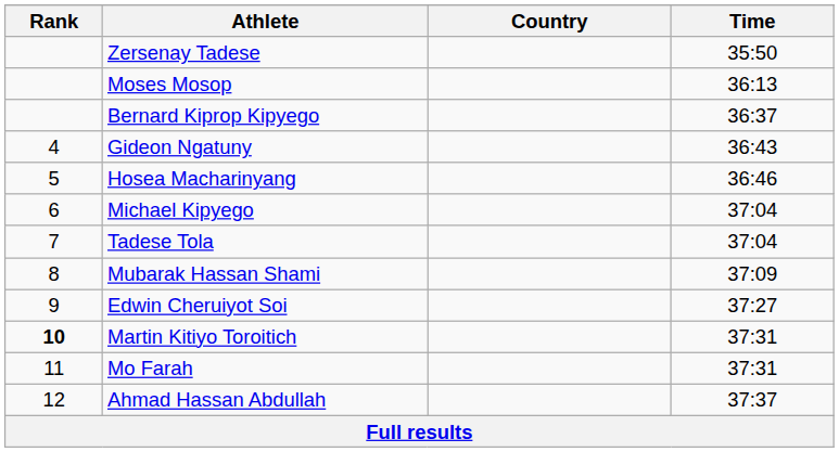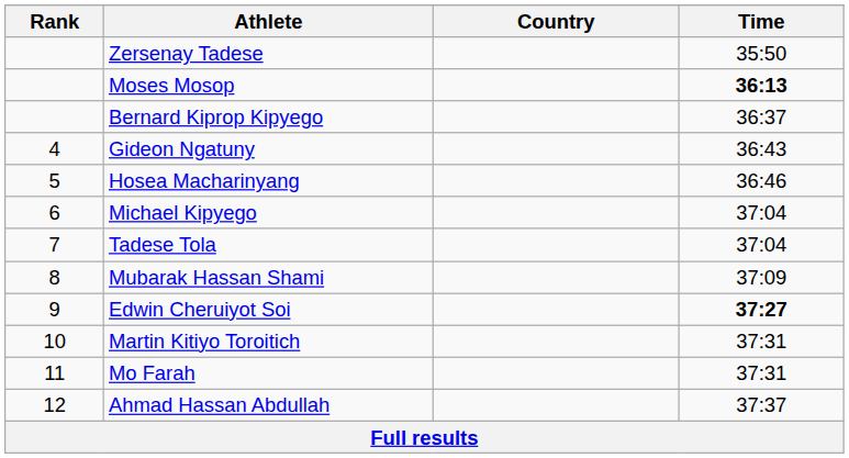 <table class="wikitable sortable" style=" text-align:center; font-size:95%;" width="50%">
 <tr>
 </tr>
 <tr>
 <th width=5%>Rank</th>
 <th width=20%>Athlete</th>
 <th width=15%>Country</th>
 <th width=10%>Time</th>
 </tr>
 <tr>
 <td align=center></td>
 <td align=left><a href='#'>Zersenay Tadese</a></td>
 <td align=left></td>
 <td>35:50</td>
 </tr>
 <tr>
 <td align=center></td>
 <td align=left><a href='#'>Moses Mosop</a></td>
 <td align=left></td>
-<td>36:13</td>
+<td><strong>36:13</strong></td>
 </tr>
 <tr>
 <td align=center></td>
 <td align=left><a href='#'>Bernard Kiprop Kipyego</a></td>
 <td align=left></td>
 <td>36:37</td>
 </tr>
 <tr>
 <td align=center>4</td>
 <td align=left><a href='#'>Gideon Ngatuny</a></td>
 <td align=left></td>
 <td>36:43</td>
 </tr>
 <tr>
 <td align=center>5</td>
 <td align=left><a href='#'>Hosea Macharinyang</a></td>
 <td align=left></td>
 <td>36:46</td>
 </tr>
 <tr>
 <td align=center>6</td>
 <td align=left><a href='#'>Michael Kipyego</a></td>
 <td align=left></td>
 <td>37:04</td>
 </tr>
 <tr>
 <td align=center>7</td>
 <td align=left><a href='#'>Tadese Tola</a></td>
 <td align=left></td>
 <td>37:04</td>
 </tr>
 <tr>
 <td align=center>8</td>
 <td align=left><a href='#'>Mubarak Hassan Shami</a></td>
 <td align=left></td>
 <td>37:09</td>
 </tr>
 <tr>
 <td align=center>9</td>
 <td align=left><a href='#'>Edwin Cheruiyot Soi</a></td>
 <td align=left></td>
-<td>37:27</td>
+<td><strong>37:27</strong></td>
 </tr>
 <tr>
-<td align=center><strong>10</strong></td>
+<td align=center>10</td>
 <td align=left><a href='#'>Martin Kitiyo Toroitich</a></td>
 <td align=left></td>
 <td>37:31</td>
 </tr>
 <tr>
 <td align=center>11</td>
 <td align=left><a href='#'>Mo Farah</a></td>
 <td align=left></td>
 <td>37:31</td>
 </tr>
 <tr>
 <td align=center>12</td>
 <td align=left><a href='#'>Ahmad Hassan Abdullah</a></td>
 <td align=left></td>
 <td>37:37</td>
 </tr>
 <tr class="sortbottom">
 <th colspan=4 align=center><a href='#'>Full results</a></th>
 </tr>
 </table>
